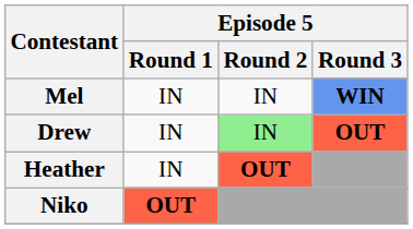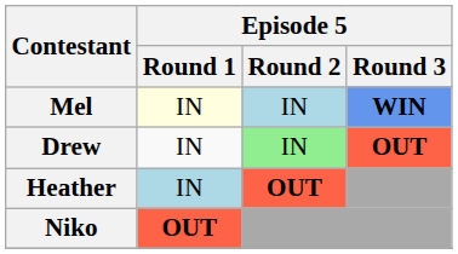 <table class="wikitable" style="text-align:center;font-size:100%">
 <tr>
 <th rowspan=2>Contestant</th>
 <th colspan=3>Episode 5</th>
 </tr>
 <tr>
 <th>Round 1</th>
 <th>Round 2</th>
 <th>Round 3</th>
 </tr>
 <tr>
 <th>Mel</th>
-<td>IN</td>
-<td>IN</td>
+<td style="background: lightyellow;">IN</td>
+<td style="background: lightblue;">IN</td>
 <td style="background:cornflowerblue;"><strong>WIN</strong></td>
 </tr>
 <tr>
 <th>Drew</th>
 <td>IN</td>
 <td style="background: lightgreen;">IN</td>
 <td style="background:tomato;"><strong>OUT</strong></td>
 </tr>
 <tr>
 <th>Heather</th>
-<td>IN</td>
+<td style="background: lightblue;">IN</td>
 <td style="background:tomato;"><strong>OUT</strong></td>
 <td colspan="3" style="background:darkgrey;"></td>
 </tr>
 <tr>
 <th>Niko</th>
 <td style="background:tomato;"><strong>OUT</strong></td>
 <td colspan="3" style="background:darkgrey;"></td>
 </tr>
 <tr>
 </tr>
 </table>
